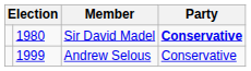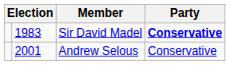 <table class="wikitable">
 <tr>
 <th colspan="2">Election</th>
 <th>Member</th>
 <th>Party</th>
 </tr>
 <tr>
 <td style="color:inherit;background-color: "></td>
-<td><a href='#'>1980</a></td>
+<td><a href='#'>1983</a></td>
 <td><a href='#'>Sir David Madel</a></td>
 <td><strong><a href='#'>Conservative</a></strong></td>
 </tr>
 <tr>
 <td style="color:inherit;background-color: "></td>
-<td><a href='#'>1999</a></td>
+<td><a href='#'>2001</a></td>
 <td><a href='#'>Andrew Selous</a></td>
 <td><a href='#'>Conservative</a></td>
 </tr>
 </table>
